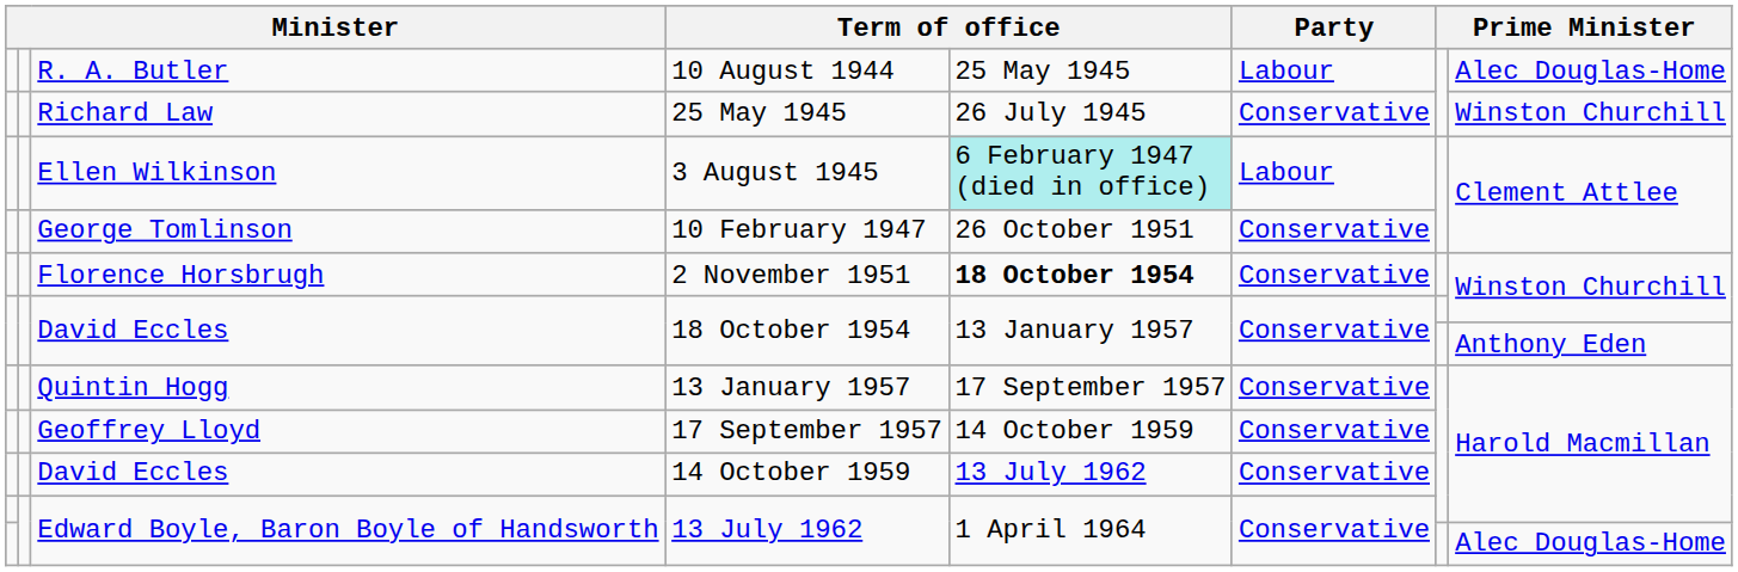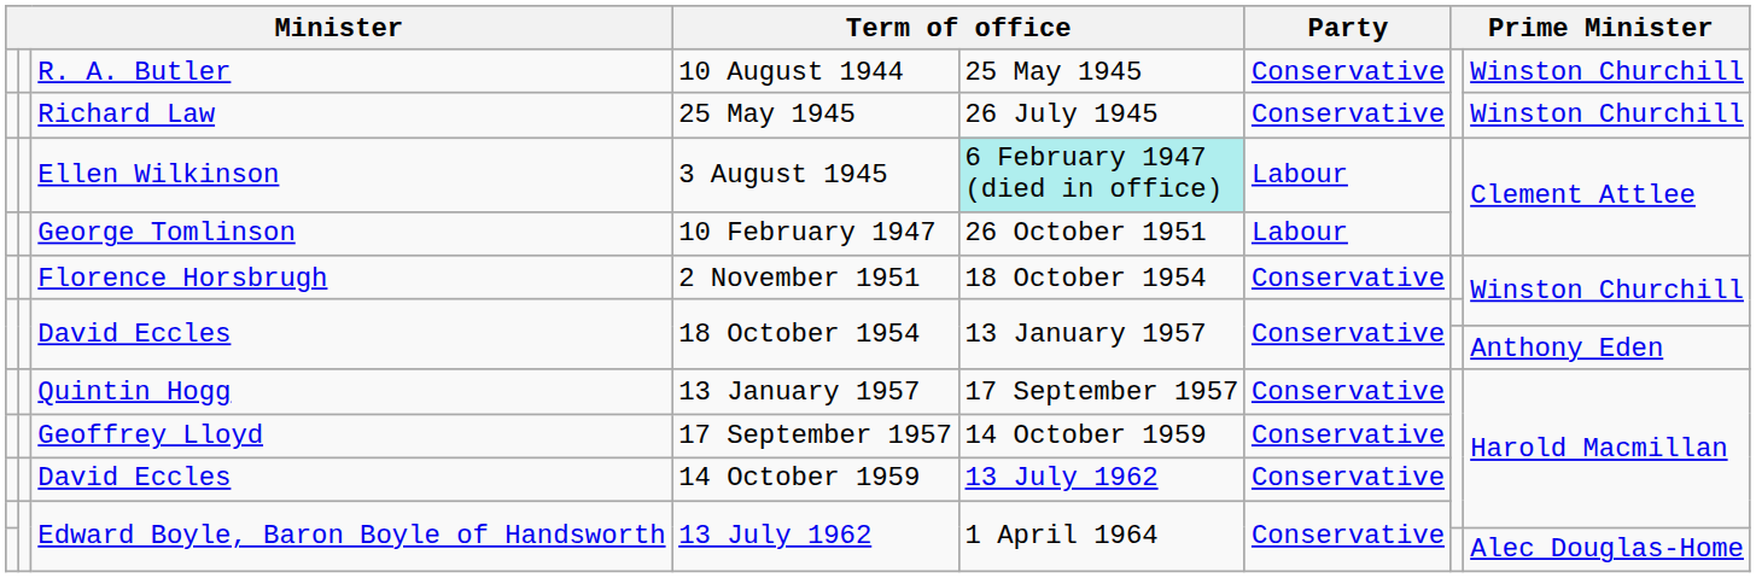 <table class="wikitable">
 <tr>
 <th colspan=3>Minister</th>
 <th colspan=2>Term of office</th>
 <th>Party</th>
 <th colspan=2>Prime Minister</th>
 </tr>
 <tr style="height:1em">
 <td style="background-color:"></td>
 <td></td>
 <td><a href='#'>R. A. Butler</a></td>
 <td>10 August 1944</td>
 <td>25 May 1945</td>
-<td><a href='#'>Labour</a></td>
+<td><a href='#'>Conservative</a></td>
 <td rowspan=2 style="background-color:"></td>
-<td><a href='#'>Alec Douglas-Home</a></td>
+<td><a href='#'>Winston Churchill</a><br></td>
 </tr>
 <tr style="height:1em">
 <td style="background-color:"></td>
 <td></td>
 <td><a href='#'>Richard Law</a></td>
 <td>25 May 1945</td>
 <td>26 July 1945</td>
 <td><a href='#'>Conservative</a></td>
 <td><a href='#'>Winston Churchill</a><br></td>
 </tr>
 <tr style="height:1em">
 <td style="background-color:"></td>
 <td></td>
 <td><a href='#'>Ellen Wilkinson</a></td>
 <td>3 August 1945</td>
 <td style="background: paleturquoise;">6 February 1947<br>(died in office)</td>
 <td><a href='#'>Labour</a></td>
 <td rowspan=2 style="background-color:"></td>
 <td rowspan=2><a href='#'>Clement Attlee</a></td>
 </tr>
 <tr style="height:1em">
 <td style="background-color:"></td>
 <td></td>
 <td><a href='#'>George Tomlinson</a></td>
 <td>10 February 1947</td>
 <td>26 October 1951</td>
-<td><a href='#'>Conservative</a></td>
+<td><a href='#'>Labour</a></td>
 </tr>
 <tr style="height:1em">
 <td style="background-color:"></td>
 <td></td>
 <td><a href='#'>Florence Horsbrugh</a></td>
 <td>2 November 1951</td>
-<td><strong>18 October 1954</strong></td>
+<td>18 October 1954</td>
 <td><a href='#'>Conservative</a></td>
 <td style="background-color:"></td>
 <td rowspan=2><a href='#'>Winston Churchill</a></td>
 </tr>
 <tr style="height:1em">
 <td rowspan=2 style="background-color:"></td>
 <td rowspan=2></td>
 <td rowspan=2><a href='#'>David Eccles</a></td>
 <td rowspan=2>18 October 1954</td>
 <td rowspan=2>13 January 1957</td>
 <td rowspan=2><a href='#'>Conservative</a></td>
 <td style="background-color:"></td>
 </tr>
 <tr style="height:1em">
 <td style="background-color:"></td>
 <td><a href='#'>Anthony Eden</a></td>
 </tr>
 <tr style="height:1em">
 <td style="background-color:"></td>
 <td></td>
 <td><a href='#'>Quintin Hogg</a></td>
 <td>13 January 1957</td>
 <td>17 September 1957</td>
 <td><a href='#'>Conservative</a></td>
 <td rowspan=4 style="background-color:"></td>
 <td rowspan=4><a href='#'>Harold Macmillan</a></td>
 </tr>
 <tr style="height:1em">
 <td style="background-color:"></td>
 <td></td>
 <td><a href='#'>Geoffrey Lloyd</a></td>
 <td>17 September 1957</td>
 <td>14 October 1959</td>
 <td><a href='#'>Conservative</a></td>
 </tr>
 <tr style="height:1em">
 <td style="background-color:"></td>
 <td></td>
 <td><a href='#'>David Eccles</a></td>
 <td>14 October 1959</td>
 <td><a href='#'>13 July 1962</a></td>
 <td><a href='#'>Conservative</a></td>
 </tr>
 <tr style="height:1em">
 <td style="background-color:"></td>
 <td rowspan=2></td>
 <td rowspan=2><a href='#'>Edward Boyle, Baron Boyle of Handsworth</a></td>
 <td rowspan=2><a href='#'>13 July 1962</a></td>
 <td rowspan=2>1 April 1964</td>
 <td rowspan=2><a href='#'>Conservative</a></td>
 </tr>
 <tr style="height:1em">
 <td style="background-color:"></td>
 <td style="background-color:"></td>
 <td><a href='#'>Alec Douglas-Home</a></td>
 </tr>
 </table>
